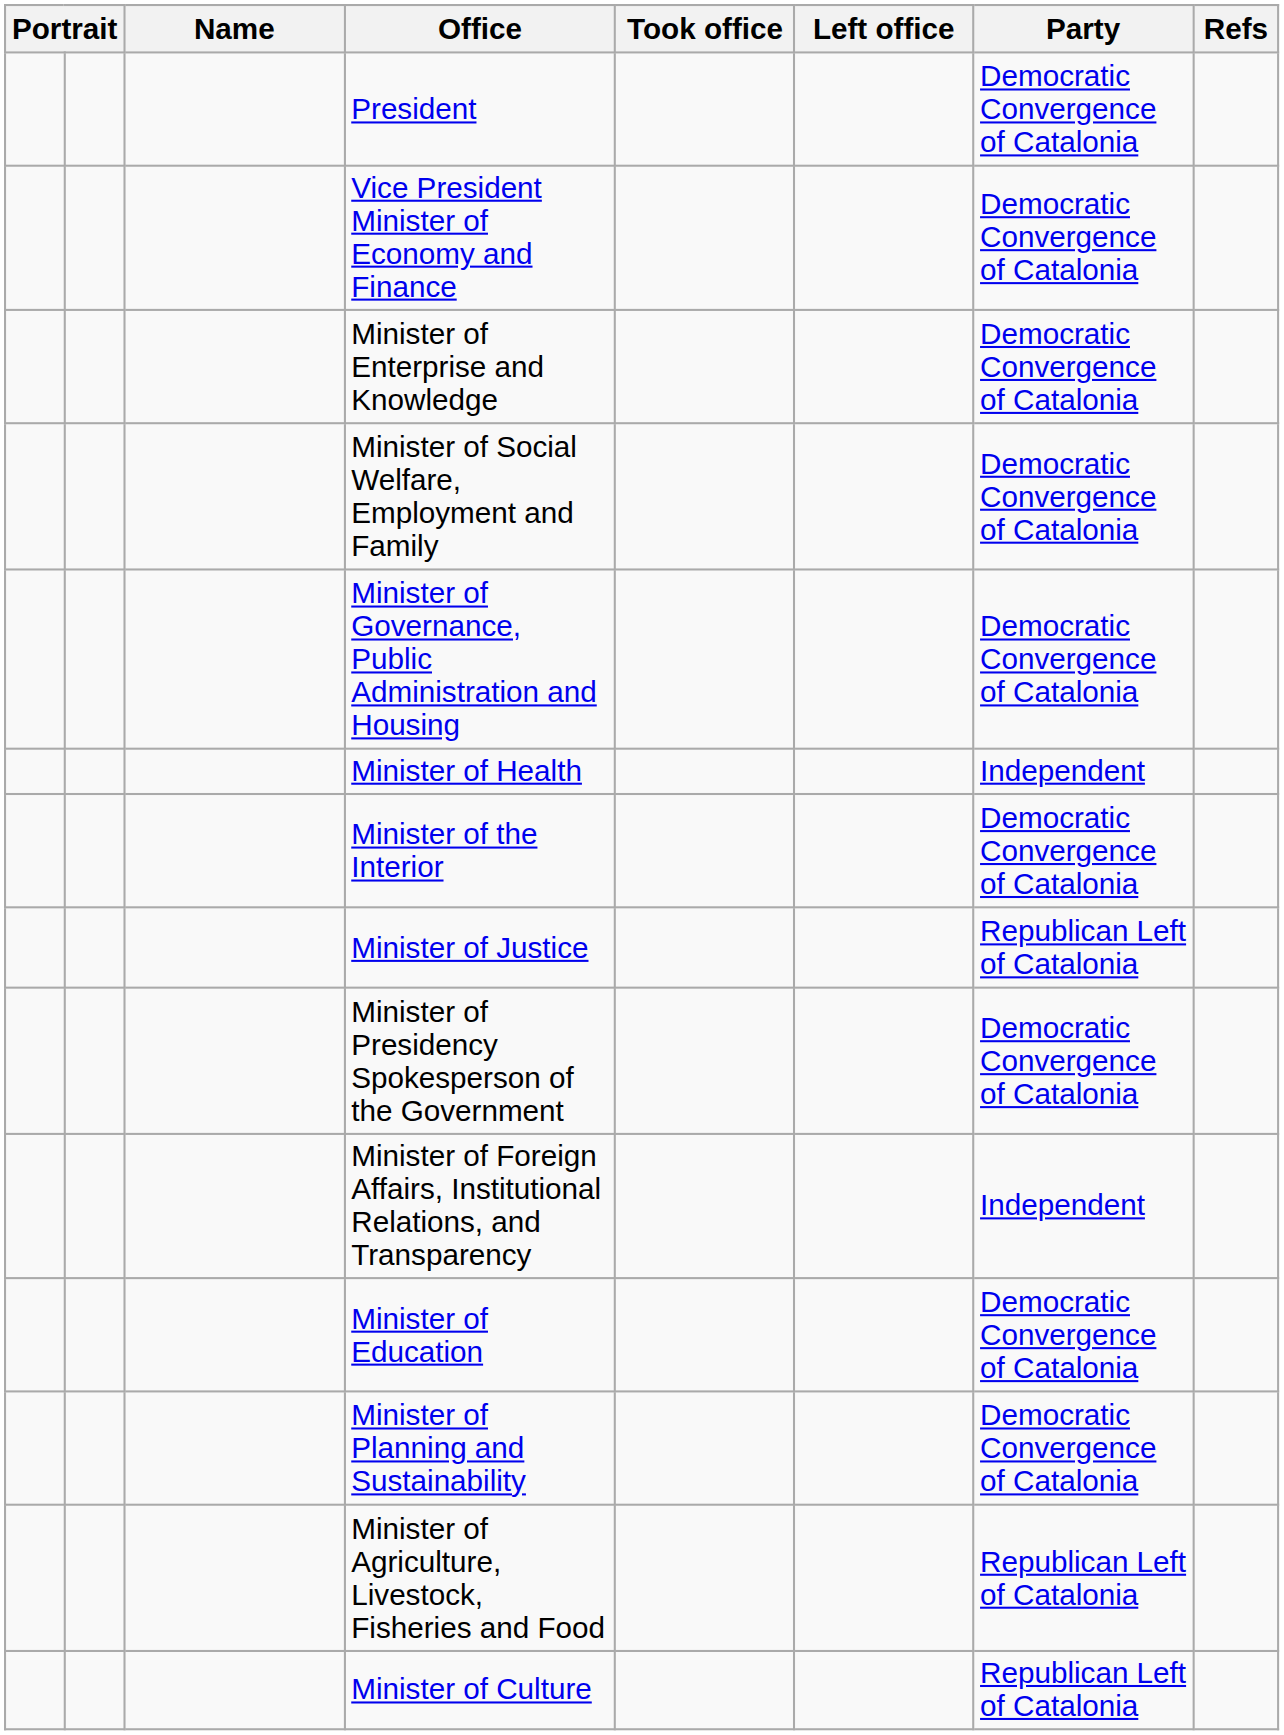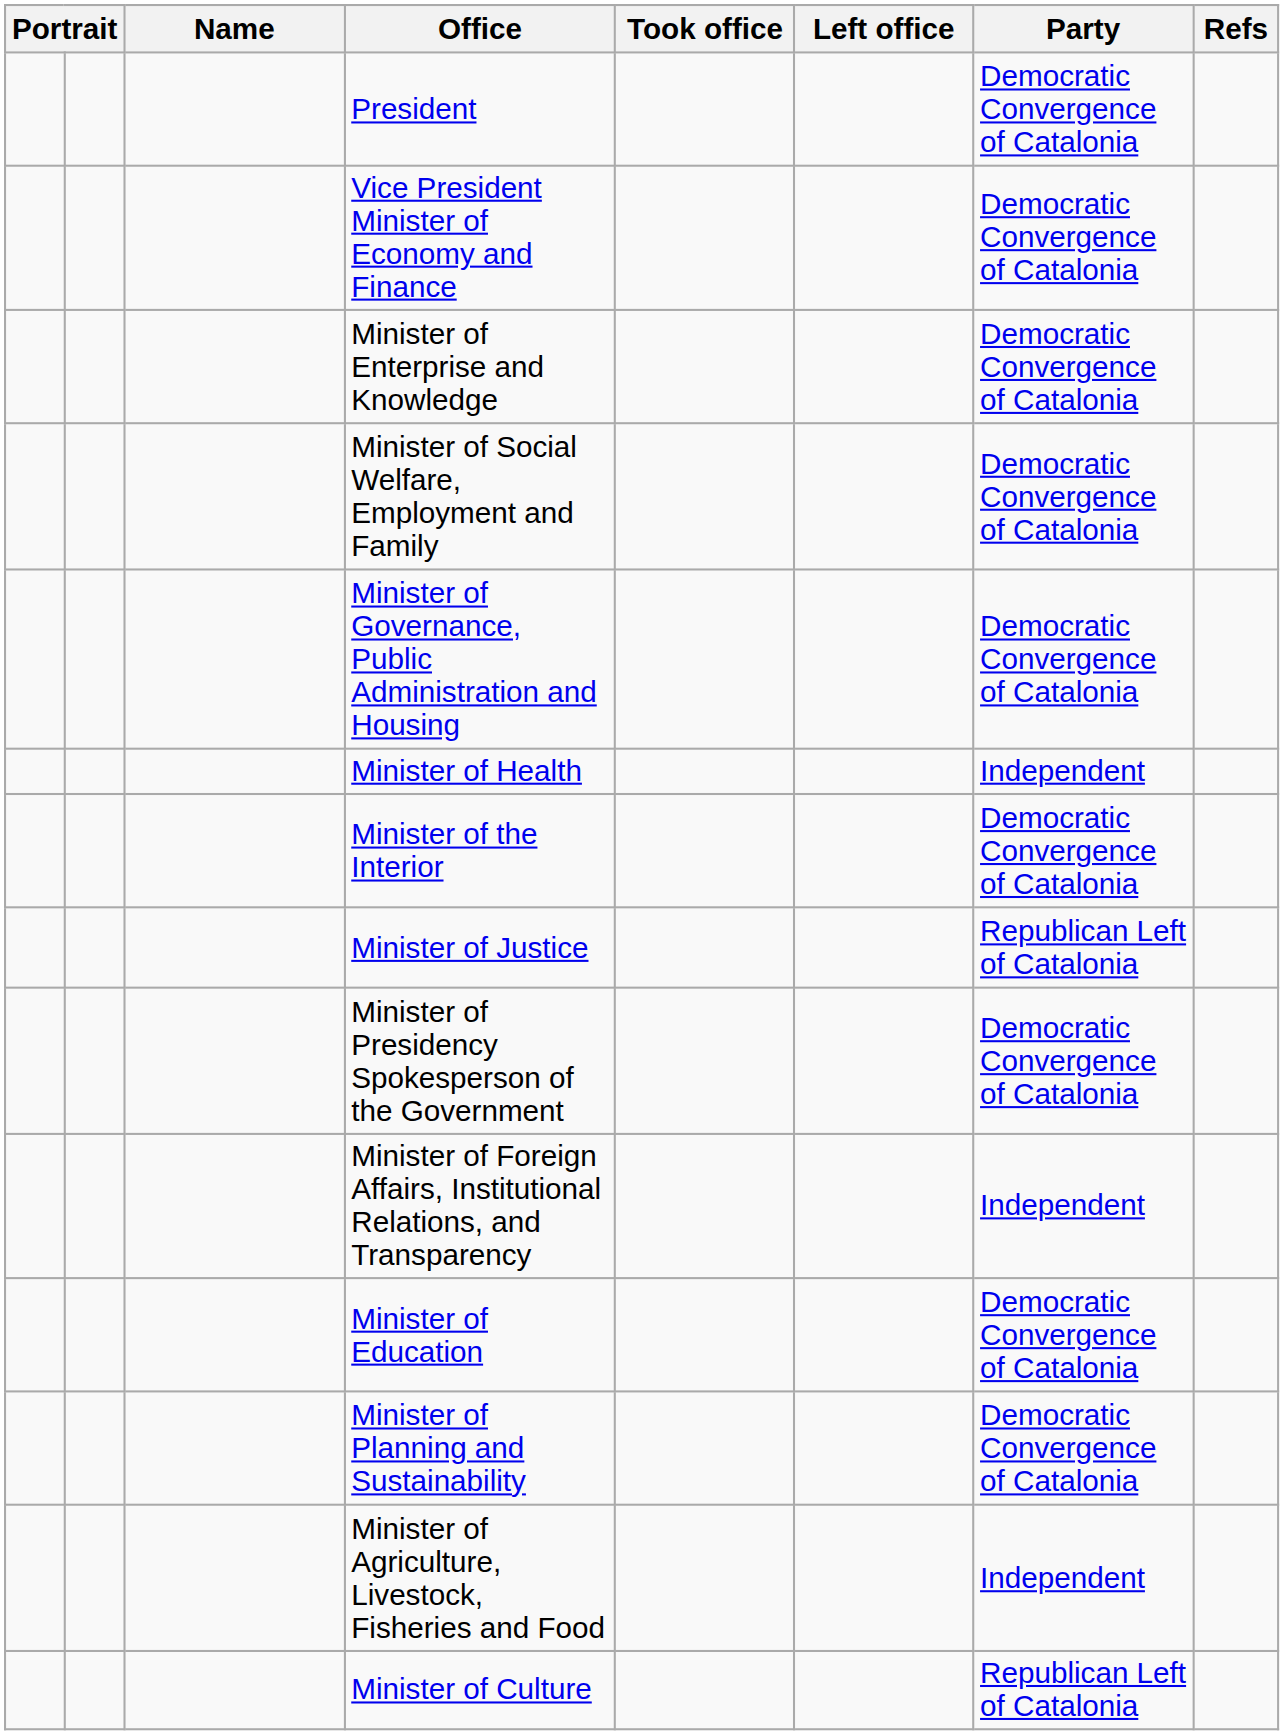 <table class="wikitable plainrowheaders sortable" style="font-size:90%; text-align:left;">
 <tr>
 <th scope=col class=unsortable colspan=2>Portrait</th>
 <th scope=col width=100>Name</th>
 <th scope=col width=125>Office</th>
 <th scope=col width=80>Took office</th>
 <th scope=col width=80>Left office</th>
 <th scope=col width=100>Party</th>
 <th scope=col width=35 class=unsortable>Refs</th>
 </tr>
 <tr>
 <td !align="center" style="background:"></td>
 <td align=center></td>
 <td></td>
 <td><a href='#'>President</a></td>
 <td align=center></td>
 <td align=center></td>
 <td><a href='#'>Democratic Convergence of Catalonia</a></td>
 <td align=center></td>
 </tr>
 <tr>
 <td !align="center" style="background:"></td>
 <td align=center></td>
 <td></td>
 <td><a href='#'>Vice President</a><br><a href='#'>Minister of Economy and Finance</a></td>
 <td align=center></td>
 <td align=center></td>
 <td><a href='#'>Democratic Convergence of Catalonia</a></td>
 <td align=center></td>
 </tr>
 <tr>
 <td !align="center" style="background:"></td>
 <td align=center></td>
 <td></td>
 <td>Minister of Enterprise and Knowledge</td>
 <td align=center></td>
 <td align=center></td>
 <td><a href='#'>Democratic Convergence of Catalonia</a></td>
 <td align=center></td>
 </tr>
 <tr>
 <td !align="center" style="background:"></td>
 <td align=center></td>
 <td></td>
 <td>Minister of Social Welfare, Employment and Family</td>
 <td align=center></td>
 <td align=center></td>
 <td><a href='#'>Democratic Convergence of Catalonia</a></td>
 <td align=center></td>
 </tr>
 <tr>
 <td !align="center" style="background:"></td>
 <td align=center></td>
 <td></td>
 <td><a href='#'>Minister of Governance, Public Administration and Housing</a></td>
 <td align=center></td>
 <td align=center></td>
 <td><a href='#'>Democratic Convergence of Catalonia</a></td>
 <td align=center></td>
 </tr>
 <tr>
 <td !align="center" style="background:"></td>
 <td align=center></td>
 <td></td>
 <td><a href='#'>Minister of Health</a></td>
 <td align=center></td>
 <td align=center></td>
 <td><a href='#'>Independent</a></td>
 <td align=center></td>
 </tr>
 <tr>
 <td !align="center" style="background:"></td>
 <td align=center></td>
 <td></td>
 <td><a href='#'>Minister of the Interior</a></td>
 <td align=center></td>
 <td align=center></td>
 <td><a href='#'>Democratic Convergence of Catalonia</a></td>
 <td align=center></td>
 </tr>
 <tr>
 <td !align="center" style="background:"></td>
 <td align=center></td>
 <td></td>
 <td><a href='#'>Minister of Justice</a></td>
 <td align=center></td>
 <td align=center></td>
 <td><a href='#'>Republican Left of Catalonia</a></td>
 <td align=center></td>
 </tr>
 <tr>
 <td !align="center" style="background:"></td>
 <td align=center></td>
 <td></td>
 <td>Minister of Presidency<br>Spokesperson of the Government</td>
 <td align=center></td>
 <td align=center></td>
 <td><a href='#'>Democratic Convergence of Catalonia</a></td>
 <td align=center></td>
 </tr>
 <tr>
 <td !align="center" style="background:"></td>
 <td align=center></td>
 <td></td>
 <td>Minister of Foreign Affairs, Institutional Relations, and Transparency</td>
 <td align=center></td>
 <td align=center></td>
 <td><a href='#'>Independent</a></td>
 <td align=center></td>
 </tr>
 <tr>
 <td !align="center" style="background:"></td>
 <td align=center></td>
 <td></td>
 <td><a href='#'>Minister of Education</a></td>
 <td align=center></td>
 <td align=center></td>
 <td><a href='#'>Democratic Convergence of Catalonia</a></td>
 <td align=center></td>
 </tr>
 <tr>
 <td !align="center" style="background:"></td>
 <td align=center></td>
 <td></td>
 <td><a href='#'>Minister of Planning and Sustainability</a></td>
 <td align=center></td>
 <td align=center></td>
 <td><a href='#'>Democratic Convergence of Catalonia</a></td>
 <td align=center></td>
 </tr>
 <tr>
 <td !align="center" style="background:"></td>
 <td align=center></td>
 <td></td>
 <td>Minister of Agriculture, Livestock, Fisheries and Food</td>
 <td align=center></td>
 <td align=center></td>
-<td><a href='#'>Republican Left of Catalonia</a></td>
+<td><a href='#'>Independent</a></td>
 <td align=center></td>
 </tr>
 <tr>
 <td !align="center" style="background:"></td>
 <td align=center></td>
 <td></td>
 <td><a href='#'>Minister of Culture</a></td>
 <td align=center></td>
 <td align=center></td>
 <td><a href='#'>Republican Left of Catalonia</a></td>
 <td align=center></td>
 </tr>
 </table>
